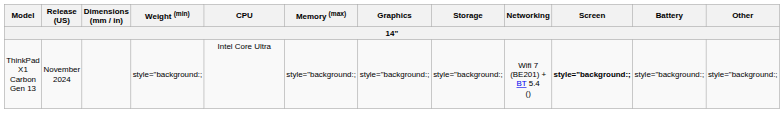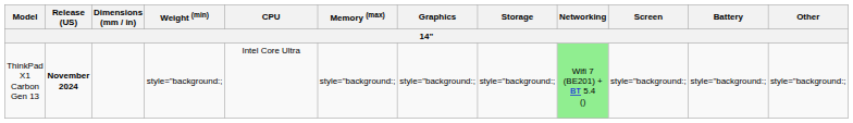 <table class="wikitable" style="font-size: 80%; text-align: center; min-width: 80%;">
 <tr>
 <th>Model</th>
 <th>Release (US)</th>
 <th>Dimensions (mm / in)</th>
 <th>Weight <sup>(min)</sup></th>
 <th style="width:17%">CPU</th>
 <th>Memory <sup>(max)</sup></th>
 <th>Graphics</th>
 <th>Storage</th>
 <th>Networking</th>
 <th>Screen</th>
 <th>Battery</th>
 <th>Other</th>
 </tr>
 <tr>
 <th colspan=12>14"</th>
 </tr>
 <tr>
 <td>ThinkPad X1 Carbon <br>Gen 13 </td>
-<td>November 2024</td>
+<td><strong>November 2024</strong></td>
 <td></td>
 <td>style="background:;</td>
 <td style="background:">Intel Core Ultra <br><br><br><br><br><br><br></td>
 <td>style="background:;</td>
 <td>style="background:;</td>
 <td>style="background:;</td>
-<td><br>Wifi 7 (BE201) + <a href='#'>BT</a> 5.4 <br>()<br></td>
-<td><strong>style="background:;</strong></td>
+<td style="background: lightgreen;"><br>Wifi 7 (BE201) + <a href='#'>BT</a> 5.4 <br>()<br></td>
+<td>style="background:;</td>
 <td>style="background:;</td>
 <td>style="background:;</td>
 </tr>
 </table>
